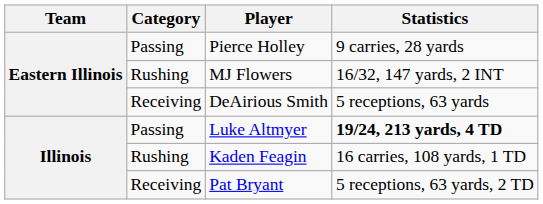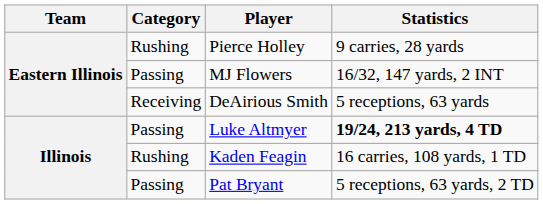 <table class="wikitable" style="float:right">
 <tr>
 <th>Team</th>
 <th>Category</th>
 <th>Player</th>
 <th>Statistics</th>
 </tr>
 <tr>
 <th rowspan=3>Eastern Illinois</th>
-<td>Passing</td>
+<td>Rushing</td>
 <td>Pierce Holley</td>
 <td>9 carries, 28 yards</td>
 </tr>
 <tr>
-<td>Rushing</td>
+<td>Passing</td>
 <td>MJ Flowers</td>
 <td>16/32, 147 yards, 2 INT</td>
 </tr>
 <tr>
 <td>Receiving</td>
 <td>DeAirious Smith</td>
 <td>5 receptions, 63 yards</td>
 </tr>
 <tr>
 <th rowspan=3>Illinois</th>
 <td>Passing</td>
 <td><a href='#'>Luke Altmyer</a></td>
 <td><strong>19/24, 213 yards, 4 TD</strong></td>
 </tr>
 <tr>
 <td>Rushing</td>
 <td><a href='#'>Kaden Feagin</a></td>
 <td>16 carries, 108 yards, 1 TD</td>
 </tr>
 <tr>
-<td>Receiving</td>
+<td>Passing</td>
 <td><a href='#'>Pat Bryant</a></td>
 <td>5 receptions, 63 yards, 2 TD</td>
 </tr>
 </table>
